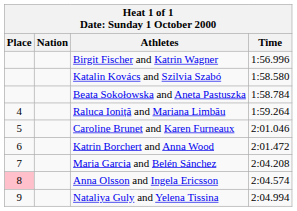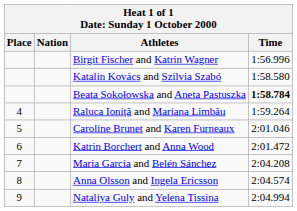 <table class="wikitable sortable">
 <tr>
 <th colspan=4>Heat 1 of 1 <br> Date: Sunday 1 October 2000</th>
 </tr>
 <tr>
 <th rowspan=1>Place</th>
 <th rowspan=1>Nation</th>
 <th rowspan=1>Athletes</th>
 <th rowspan=1>Time</th>
 </tr>
 <tr>
 <td align="center"></td>
 <td align="left"></td>
 <td align="left"><a href='#'>Birgit Fischer</a> and <a href='#'>Katrin Wagner</a></td>
 <td align="center">1:56.996</td>
 </tr>
 <tr>
 <td align="center"></td>
 <td align="left"></td>
 <td align="left"><a href='#'>Katalin Kovács</a> and <a href='#'>Szilvia Szabó</a></td>
 <td align="center">1:58.580</td>
 </tr>
 <tr>
 <td align="center"></td>
 <td align="left"></td>
 <td align="left"><a href='#'>Beata Sokołowska</a> and <a href='#'>Aneta Pastuszka</a></td>
-<td align="center">1:58.784</td>
+<td align="center"><strong>1:58.784</strong></td>
 </tr>
 <tr>
 <td align="center">4</td>
 <td align="left"></td>
 <td align="left"><a href='#'>Raluca Ioniță</a> and <a href='#'>Mariana Limbău</a></td>
 <td align="center">1:59.264</td>
 </tr>
 <tr>
 <td align="center">5</td>
 <td align="left"></td>
 <td align="left"><a href='#'>Caroline Brunet</a> and <a href='#'>Karen Furneaux</a></td>
 <td align="center">2:01.046</td>
 </tr>
 <tr>
 <td align="center">6</td>
 <td align="left"></td>
 <td align="left"><a href='#'>Katrin Borchert</a> and <a href='#'>Anna Wood</a></td>
 <td align="center">2:01.472</td>
 </tr>
 <tr>
 <td align="center">7</td>
 <td align="left"></td>
 <td align="left"><a href='#'>Maria Garcia</a> and <a href='#'>Belén Sánchez</a></td>
 <td align="center">2:04.208</td>
 </tr>
 <tr>
-<td align="center" style="background: pink;">8</td>
+<td align="center">8</td>
 <td align="left"></td>
 <td align="left"><a href='#'>Anna Olsson</a> and <a href='#'>Ingela Ericsson</a></td>
 <td align="center">2:04.574</td>
 </tr>
 <tr>
 <td align="center">9</td>
 <td align="left"></td>
 <td align="left"><a href='#'>Nataliya Guly</a> and <a href='#'>Yelena Tissina</a></td>
 <td align="center">2:04.994</td>
 </tr>
 </table>
